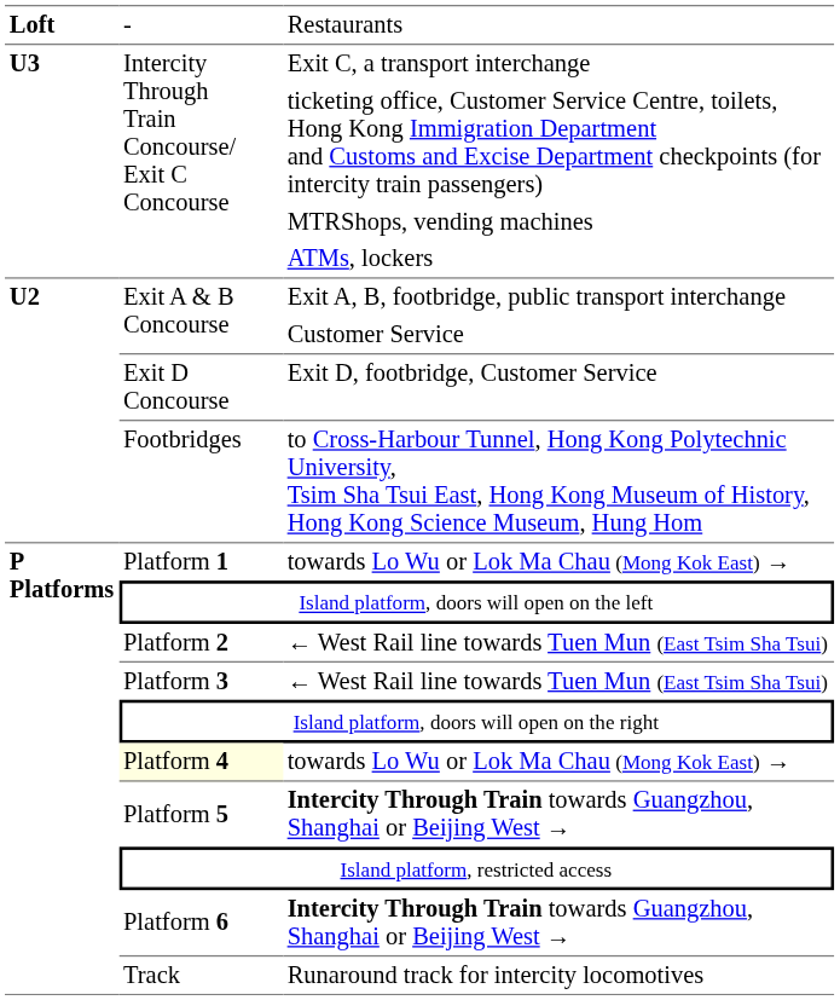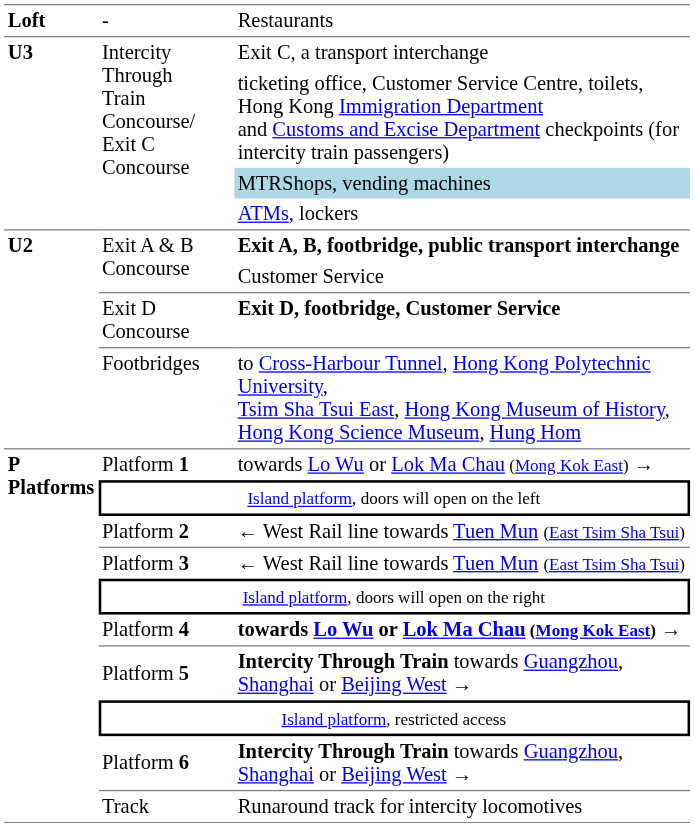 <table border=0 cellspacing=0 cellpadding=3>
 <tr>
 <td style="border-bottom:solid 1px gray;border-top:solid 1px gray;width:50px;vertical-align:top"><strong>Loft</strong></td>
 <td style="border-top:solid 1px gray;border-bottom:solid 1px gray;width:100px;vertical-align:top">-</td>
 <td style="border-top:solid 1px gray;border-bottom:solid 1px gray;width:350px;vertical-align:top">Restaurants</td>
 </tr>
 <tr>
 <td style="border-bottom:solid 1px gray;vertical-align:top;" rowspan=4><strong>U3</strong></td>
 <td style="border-bottom:solid 1px gray;vertical-align:top;" rowspan=4>Intercity Through<br> Train Concourse/<br>Exit C Concourse</td>
 <td>Exit C, a transport interchange</td>
 </tr>
 <tr>
 <td>ticketing office, Customer Service Centre, toilets, Hong Kong <a href='#'>Immigration Department</a><br>and <a href='#'>Customs and Excise Department</a> checkpoints (for intercity train passengers)</td>
 </tr>
 <tr>
-<td>MTRShops, vending machines</td>
+<td style="background: lightblue;">MTRShops, vending machines</td>
 </tr>
 <tr>
 <td style="border-bottom:solid 1px gray;"><a href='#'>ATMs</a>, lockers</td>
 </tr>
 <tr>
 <td style="border-bottom:solid 1px gray;vertical-align:top;" rowspan=4><strong>U2</strong></td>
 <td style="border-bottom:solid 1px gray;vertical-align:top;" rowspan=2>Exit A & B <br>Concourse</td>
-<td>Exit A, B, footbridge, public transport interchange</td>
+<td><strong>Exit A, B, footbridge, public transport interchange</strong></td>
 </tr>
 <tr>
 <td style="border-bottom:solid 1px gray;">Customer Service</td>
 </tr>
 <tr>
 <td style="border-bottom:solid 1px gray;vertical-align:top;">Exit D Concourse</td>
-<td style="border-bottom:solid 1px gray;vertical-align:top;">Exit D, footbridge, Customer Service</td>
+<td style="border-bottom:solid 1px gray;vertical-align:top;"><strong>Exit D, footbridge, Customer Service</strong></td>
 </tr>
 <tr>
 <td style="border-bottom:solid 1px gray;vertical-align:top;">Footbridges</td>
 <td style="border-bottom:solid 1px gray;">to <a href='#'>Cross-Harbour Tunnel</a>, <a href='#'>Hong Kong Polytechnic University</a>, <br><a href='#'>Tsim Sha Tsui East</a>, <a href='#'>Hong Kong Museum of History</a>, <br><a href='#'>Hong Kong Science Museum</a>, <a href='#'>Hung Hom</a></td>
 </tr>
 <tr>
 <td style="border-bottom:solid 1px gray;vertical-align:top;" rowspan=10><strong>P<br>Platforms</strong></td>
 <td>Platform <span><strong>1</strong></span></td>
 <td>  towards <a href='#'>Lo Wu</a> or <a href='#'>Lok Ma Chau</a><small> (<a href='#'>Mong Kok East</a>)</small> →</td>
 </tr>
 <tr>
 <td style="border-top:solid 2px black;border-right:solid 2px black;border-left:solid 2px black;border-bottom:solid 2px black;text-align:center;" colspan=2><small><a href='#'>Island platform</a>, doors will open on the left</small></td>
 </tr>
 <tr>
 <td style="border-bottom:solid 1px gray;">Platform <span><strong>2</strong></span></td>
 <td style="border-bottom:solid 1px gray;">←  West Rail line towards <a href='#'>Tuen Mun</a> <small>(<a href='#'>East Tsim Sha Tsui</a>)</small></td>
 </tr>
 <tr>
 <td>Platform <span><strong>3</strong></span></td>
 <td>←  West Rail line towards <a href='#'>Tuen Mun</a> <small>(<a href='#'>East Tsim Sha Tsui</a>)</small></td>
 </tr>
 <tr>
 <td style="border-top:solid 2px black;border-right:solid 2px black;border-left:solid 2px black;border-bottom:solid 2px black;text-align:center;" colspan=2><small><a href='#'>Island platform</a>, doors will open on the right</small></td>
 </tr>
 <tr>
-<td style="background: lightyellow; border-bottom:solid 1px gray;">Platform <span><strong>4</strong></span></td>
-<td style="border-bottom:solid 1px gray;">  towards <a href='#'>Lo Wu</a> or <a href='#'>Lok Ma Chau</a><small> (<a href='#'>Mong Kok East</a>)</small> →</td>
+<td style="border-bottom:solid 1px gray;">Platform <span><strong>4</strong></span></td>
+<td style="border-bottom:solid 1px gray;"><strong>  towards <a href='#'>Lo Wu</a> or <a href='#'>Lok Ma Chau</a><small> (<a href='#'>Mong Kok East</a>)</small> →</strong></td>
 </tr>
 <tr>
 <td>Platform <strong>5</strong></td>
 <td> <strong>Intercity Through Train</strong> towards <a href='#'>Guangzhou</a>, <a href='#'>Shanghai</a> or <a href='#'>Beijing West</a> →</td>
 </tr>
 <tr>
 <td style="border-top:solid 2px black;border-right:solid 2px black;border-left:solid 2px black;border-bottom:solid 2px black;text-align:center;" colspan=2><small><a href='#'>Island platform</a>, restricted access</small></td>
 </tr>
 <tr>
 <td style="border-bottom:solid 1px gray;">Platform <strong>6</strong></td>
 <td style="border-bottom:solid 1px gray;"> <strong>Intercity Through Train</strong> towards <a href='#'>Guangzhou</a>, <a href='#'>Shanghai</a> or <a href='#'>Beijing West</a> →</td>
 </tr>
 <tr>
 <td style="border-bottom:solid 1px gray">Track</td>
 <td style="border-bottom:solid 1px gray">Runaround track for intercity locomotives</td>
 </tr>
 </table>
